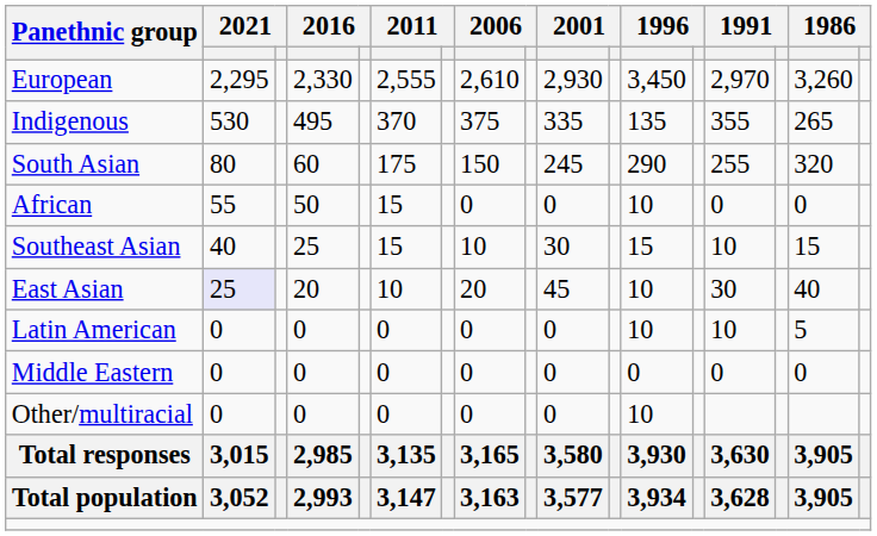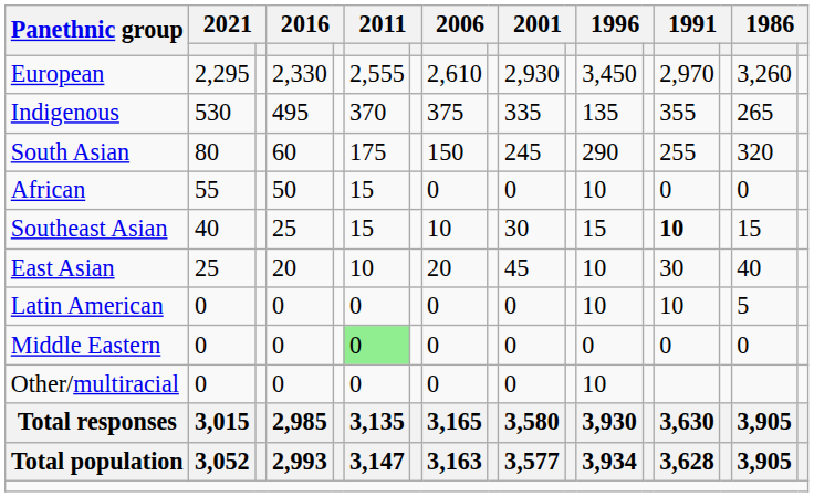 <table class="wikitable collapsible sortable">
 <tr>
 <th rowspan="2"><a href='#'>Panethnic</a> group</th>
 <th colspan="2">2021</th>
 <th colspan="2">2016</th>
 <th colspan="2">2011</th>
 <th colspan="2">2006</th>
 <th colspan="2">2001</th>
 <th colspan="2">1996</th>
 <th colspan="2">1991</th>
 <th colspan="2">1986</th>
 </tr>
 <tr>
 <th><a href='#'></a></th>
 <th></th>
 <th></th>
 <th></th>
 <th></th>
 <th></th>
 <th></th>
 <th></th>
 <th></th>
 <th></th>
 <th></th>
 <th></th>
 <th></th>
 <th></th>
 <th></th>
 <th></th>
 </tr>
 <tr>
 <td><a href='#'>European</a></td>
 <td>2,295</td>
 <td></td>
 <td>2,330</td>
 <td></td>
 <td>2,555</td>
 <td></td>
 <td>2,610</td>
 <td></td>
 <td>2,930</td>
 <td></td>
 <td>3,450</td>
 <td></td>
 <td>2,970</td>
 <td></td>
 <td>3,260</td>
 <td></td>
 </tr>
 <tr>
 <td><a href='#'>Indigenous</a></td>
 <td>530</td>
 <td></td>
 <td>495</td>
 <td></td>
 <td>370</td>
 <td></td>
 <td>375</td>
 <td></td>
 <td>335</td>
 <td></td>
 <td>135</td>
 <td></td>
 <td>355</td>
 <td></td>
 <td>265</td>
 <td></td>
 </tr>
 <tr>
 <td><a href='#'>South Asian</a></td>
 <td>80</td>
 <td></td>
 <td>60</td>
 <td></td>
 <td>175</td>
 <td></td>
 <td>150</td>
 <td></td>
 <td>245</td>
 <td></td>
 <td>290</td>
 <td></td>
 <td>255</td>
 <td></td>
 <td>320</td>
 <td></td>
 </tr>
 <tr>
 <td><a href='#'>African</a></td>
 <td>55</td>
 <td></td>
 <td>50</td>
 <td></td>
 <td>15</td>
 <td></td>
 <td>0</td>
 <td></td>
 <td>0</td>
 <td></td>
 <td>10</td>
 <td></td>
 <td>0</td>
 <td></td>
 <td>0</td>
 <td></td>
 </tr>
 <tr>
 <td><a href='#'>Southeast Asian</a></td>
 <td>40</td>
 <td></td>
 <td>25</td>
 <td></td>
 <td>15</td>
 <td></td>
 <td>10</td>
 <td></td>
 <td>30</td>
 <td></td>
 <td>15</td>
 <td></td>
-<td>10</td>
+<td><strong>10</strong></td>
 <td></td>
 <td>15</td>
 <td></td>
 </tr>
 <tr>
 <td><a href='#'>East Asian</a></td>
-<td style="background: lavender;">25</td>
+<td>25</td>
 <td></td>
 <td>20</td>
 <td></td>
 <td>10</td>
 <td></td>
 <td>20</td>
 <td></td>
 <td>45</td>
 <td></td>
 <td>10</td>
 <td></td>
 <td>30</td>
 <td></td>
 <td>40</td>
 <td></td>
 </tr>
 <tr>
 <td><a href='#'>Latin American</a></td>
 <td>0</td>
 <td></td>
 <td>0</td>
 <td></td>
 <td>0</td>
 <td></td>
 <td>0</td>
 <td></td>
 <td>0</td>
 <td></td>
 <td>10</td>
 <td></td>
 <td>10</td>
 <td></td>
 <td>5</td>
 <td></td>
 </tr>
 <tr>
 <td><a href='#'>Middle Eastern</a></td>
 <td>0</td>
 <td></td>
 <td>0</td>
 <td></td>
-<td>0</td>
+<td style="background: lightgreen;">0</td>
 <td></td>
 <td>0</td>
 <td></td>
 <td>0</td>
 <td></td>
 <td>0</td>
 <td></td>
 <td>0</td>
 <td></td>
 <td>0</td>
 <td></td>
 </tr>
 <tr>
 <td>Other/<a href='#'>multiracial</a></td>
 <td>0</td>
 <td></td>
 <td>0</td>
 <td></td>
 <td>0</td>
 <td></td>
 <td>0</td>
 <td></td>
 <td>0</td>
 <td></td>
 <td>10</td>
 <td></td>
 <td></td>
 <td></td>
 <td></td>
 <td></td>
 </tr>
 <tr>
 <th>Total responses</th>
 <th>3,015</th>
 <th></th>
 <th>2,985</th>
 <th></th>
 <th>3,135</th>
 <th></th>
 <th>3,165</th>
 <th></th>
 <th>3,580</th>
 <th></th>
 <th>3,930</th>
 <th></th>
 <th>3,630</th>
 <th></th>
 <th>3,905</th>
 <th></th>
 </tr>
 <tr class="sortbottom">
 <th>Total population</th>
 <th>3,052</th>
 <th></th>
 <th>2,993</th>
 <th></th>
 <th>3,147</th>
 <th></th>
 <th>3,163</th>
 <th></th>
 <th>3,577</th>
 <th></th>
 <th>3,934</th>
 <th></th>
 <th>3,628</th>
 <th></th>
 <th>3,905</th>
 <th></th>
 </tr>
 <tr class="sortbottom">
 <td colspan="20"></td>
 </tr>
 </table>
